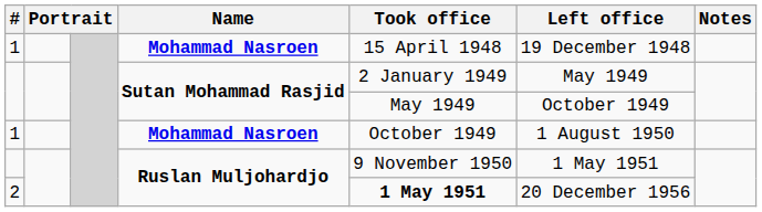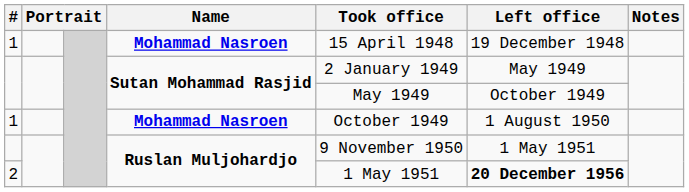 <table class="wikitable" style="text-align:center;">
 <tr>
 <th>#</th>
 <th colspan="2">Portrait</th>
 <th>Name</th>
 <th>Took office</th>
 <th>Left office</th>
 <th>Notes</th>
 </tr>
 <tr>
 <td>1</td>
 <td></td>
 <td rowspan="6" bgcolor="#d3d3d3"></td>
 <td><strong><a href='#'>Mohammad Nasroen</a></strong></td>
 <td>15 April 1948</td>
 <td>19 December 1948</td>
 <td></td>
 </tr>
 <tr>
 <td rowspan="2"></td>
 <td rowspan="2"></td>
 <td rowspan="2"><strong>Sutan Mohammad Rasjid</strong></td>
 <td>2 January 1949</td>
 <td>May 1949</td>
 <td rowspan="2"></td>
 </tr>
 <tr>
 <td>May 1949</td>
 <td>October 1949</td>
 </tr>
 <tr>
 <td>1</td>
 <td></td>
 <td><strong><a href='#'>Mohammad Nasroen</a></strong></td>
 <td>October 1949</td>
 <td>1 August 1950</td>
 <td></td>
 </tr>
 <tr>
 <td></td>
 <td rowspan="2"></td>
 <td rowspan="2"><strong>Ruslan Muljohardjo</strong></td>
 <td>9 November 1950</td>
 <td>1 May 1951</td>
 <td rowspan="2"></td>
 </tr>
 <tr>
 <td>2</td>
-<td><strong>1 May 1951</strong></td>
-<td>20 December 1956</td>
+<td>1 May 1951</td>
+<td><strong>20 December 1956</strong></td>
 </tr>
 </table>
